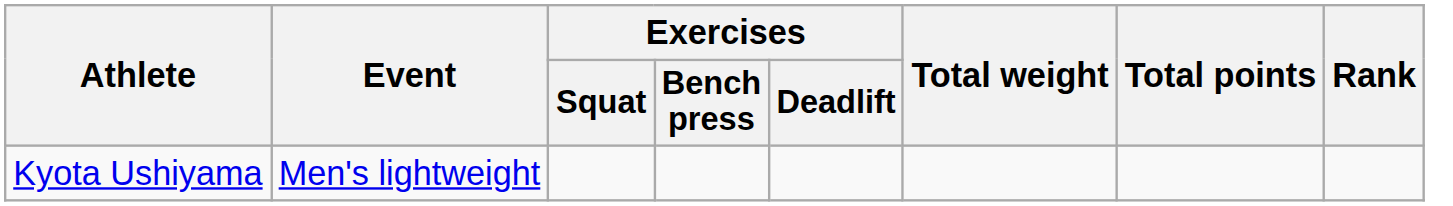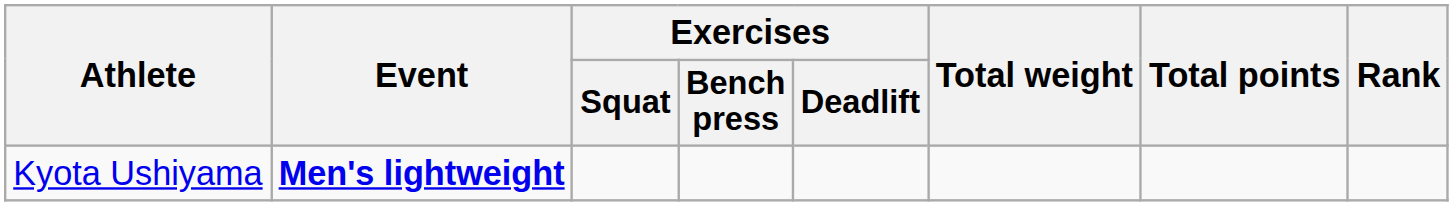 <table class=wikitable style="font-size:90%">
 <tr>
 <th rowspan="2">Athlete</th>
 <th rowspan="2">Event</th>
 <th colspan="3">Exercises</th>
 <th rowspan="2">Total weight</th>
 <th rowspan="2">Total points</th>
 <th rowspan="2">Rank</th>
 </tr>
 <tr style="font-size:95%">
 <th>Squat</th>
 <th>Bench<br>press</th>
 <th>Deadlift</th>
 </tr>
 <tr align=center>
 <td align=left><a href='#'>Kyota Ushiyama</a></td>
-<td align=left><a href='#'>Men's lightweight</a></td>
+<td align=left><strong><a href='#'>Men's lightweight</a></strong></td>
 <td></td>
 <td></td>
 <td></td>
 <td></td>
 <td></td>
 <td></td>
 </tr>
 </table>
